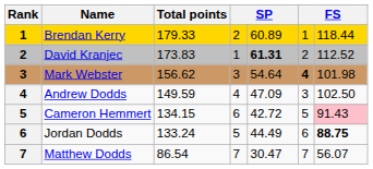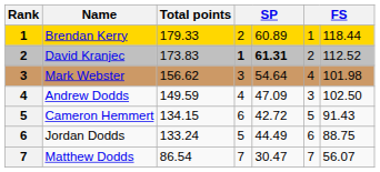 <table class="wikitable sortable">
 <tr>
 <th>Rank</th>
 <th>Name</th>
 <th>Total points</th>
 <th colspan="2" width="80px"><a href='#'>SP</a></th>
 <th colspan="2" width="80px"><a href='#'>FS</a></th>
 </tr>
 <tr bgcolor="gold">
 <td align="center"><strong>1</strong></td>
 <td><a href='#'>Brendan Kerry</a></td>
 <td>179.33</td>
 <td>2</td>
 <td>60.89</td>
 <td>1</td>
 <td>118.44</td>
 </tr>
 <tr bgcolor="silver">
 <td align="center"><strong>2</strong></td>
 <td><a href='#'>David Kranjec</a></td>
 <td>173.83</td>
-<td>1</td>
+<td><strong>1</strong></td>
 <td><strong>61.31</strong></td>
 <td>2</td>
 <td>112.52</td>
 </tr>
 <tr bgcolor="cc9966">
 <td align="center"><strong>3</strong></td>
 <td><a href='#'>Mark Webster</a></td>
 <td>156.62</td>
 <td>3</td>
 <td>54.64</td>
-<td><strong>4</strong></td>
+<td>4</td>
 <td>101.98</td>
 </tr>
 <tr>
 <th>4</th>
 <td><a href='#'>Andrew Dodds</a></td>
 <td>149.59</td>
 <td>4</td>
 <td>47.09</td>
 <td>3</td>
 <td>102.50</td>
 </tr>
 <tr>
 <th>5</th>
 <td><a href='#'>Cameron Hemmert</a></td>
 <td>134.15</td>
 <td>6</td>
 <td>42.72</td>
 <td>5</td>
-<td style="background: pink;">91.43</td>
+<td>91.43</td>
 </tr>
 <tr>
 <th>6</th>
 <td>Jordan Dodds</td>
 <td>133.24</td>
 <td>5</td>
 <td>44.49</td>
 <td>6</td>
-<td><strong>88.75</strong></td>
+<td>88.75</td>
 </tr>
 <tr>
 <th>7</th>
 <td><a href='#'>Matthew Dodds</a></td>
 <td>86.54</td>
 <td>7</td>
 <td>30.47</td>
 <td>7</td>
 <td>56.07</td>
 </tr>
 </table>
